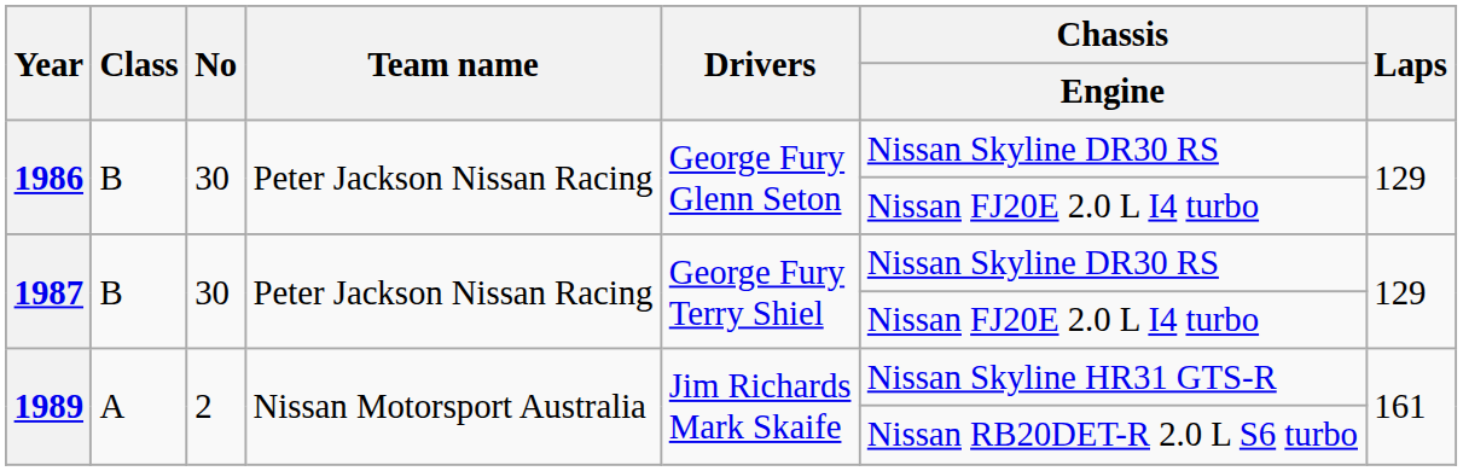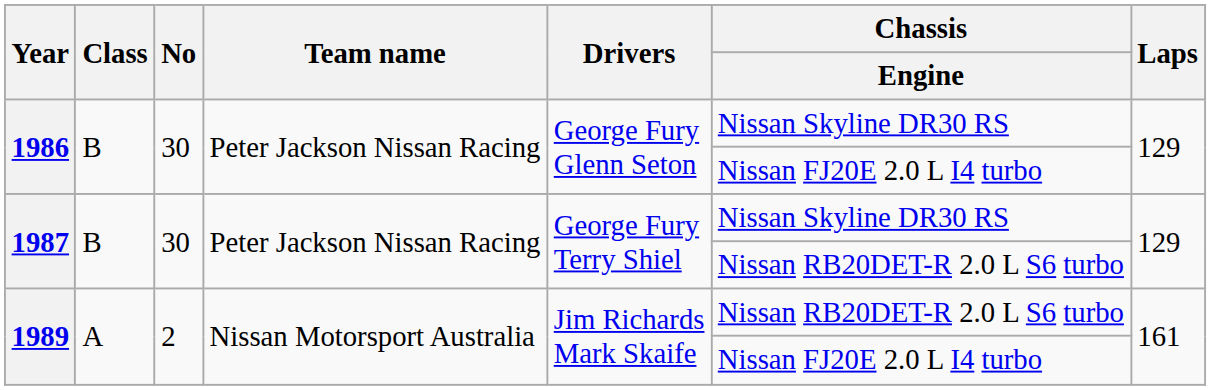 <table class="wikitable" style="font-size: 95%;">
 <tr>
 <th rowspan=2>Year</th>
 <th rowspan=2>Class</th>
 <th rowspan=2>No</th>
 <th rowspan=2>Team name</th>
 <th rowspan=2>Drivers</th>
 <th>Chassis</th>
 <th rowspan=2>Laps</th>
 </tr>
 <tr>
 <th>Engine</th>
 </tr>
 <tr>
 <th rowspan=2><a href='#'>1986</a></th>
 <td rowspan=2>B</td>
 <td rowspan=2>30</td>
 <td rowspan=2>Peter Jackson Nissan Racing</td>
 <td rowspan=2> <a href='#'>George Fury</a><br> <a href='#'>Glenn Seton</a></td>
 <td><a href='#'>Nissan Skyline DR30 RS</a></td>
 <td rowspan=2>129</td>
 </tr>
 <tr>
 <td><a href='#'>Nissan</a> <a href='#'>FJ20E</a> 2.0 L <a href='#'>I4</a> <a href='#'>turbo</a></td>
 </tr>
 <tr>
 <th rowspan=2><a href='#'>1987</a></th>
 <td rowspan=2>B</td>
 <td rowspan=2>30</td>
 <td rowspan=2>Peter Jackson Nissan Racing</td>
 <td rowspan=2> <a href='#'>George Fury</a><br> <a href='#'>Terry Shiel</a></td>
 <td><a href='#'>Nissan Skyline DR30 RS</a></td>
 <td rowspan=2>129</td>
 </tr>
 <tr>
-<td><a href='#'>Nissan</a> <a href='#'>FJ20E</a> 2.0 L <a href='#'>I4</a> <a href='#'>turbo</a></td>
+<td><a href='#'>Nissan</a> <a href='#'>RB20DET-R</a> 2.0 L <a href='#'>S6</a> <a href='#'>turbo</a></td>
 </tr>
 <tr>
 <th rowspan=2><a href='#'>1989</a></th>
 <td rowspan=2>A</td>
 <td rowspan=2>2</td>
 <td rowspan=2>Nissan Motorsport Australia</td>
 <td rowspan=2> <a href='#'>Jim Richards</a><br> <a href='#'>Mark Skaife</a></td>
-<td><a href='#'>Nissan Skyline HR31 GTS-R</a></td>
+<td><a href='#'>Nissan</a> <a href='#'>RB20DET-R</a> 2.0 L <a href='#'>S6</a> <a href='#'>turbo</a></td>
 <td rowspan=2>161</td>
 </tr>
 <tr>
-<td><a href='#'>Nissan</a> <a href='#'>RB20DET-R</a> 2.0 L <a href='#'>S6</a> <a href='#'>turbo</a></td>
+<td><a href='#'>Nissan</a> <a href='#'>FJ20E</a> 2.0 L <a href='#'>I4</a> <a href='#'>turbo</a></td>
 </tr>
 </table>
